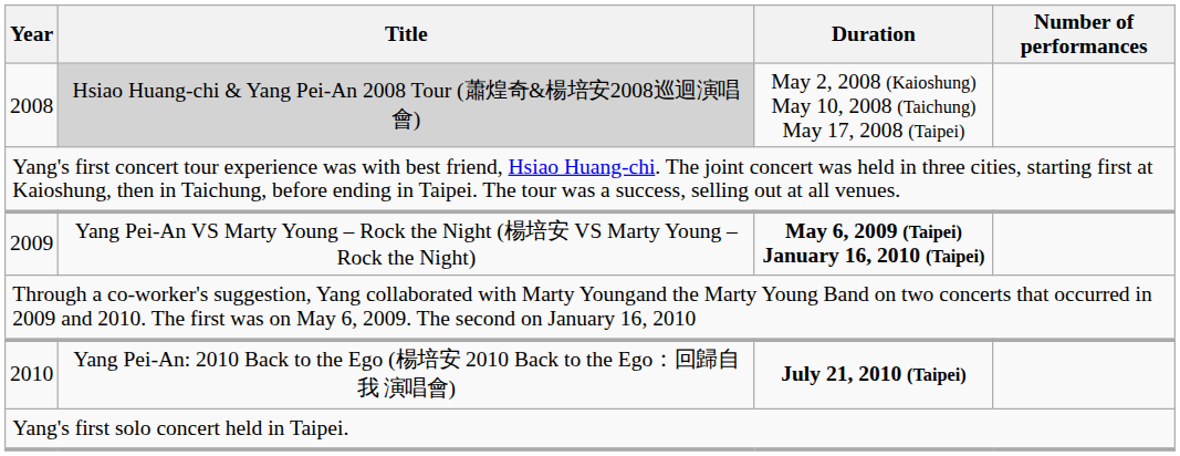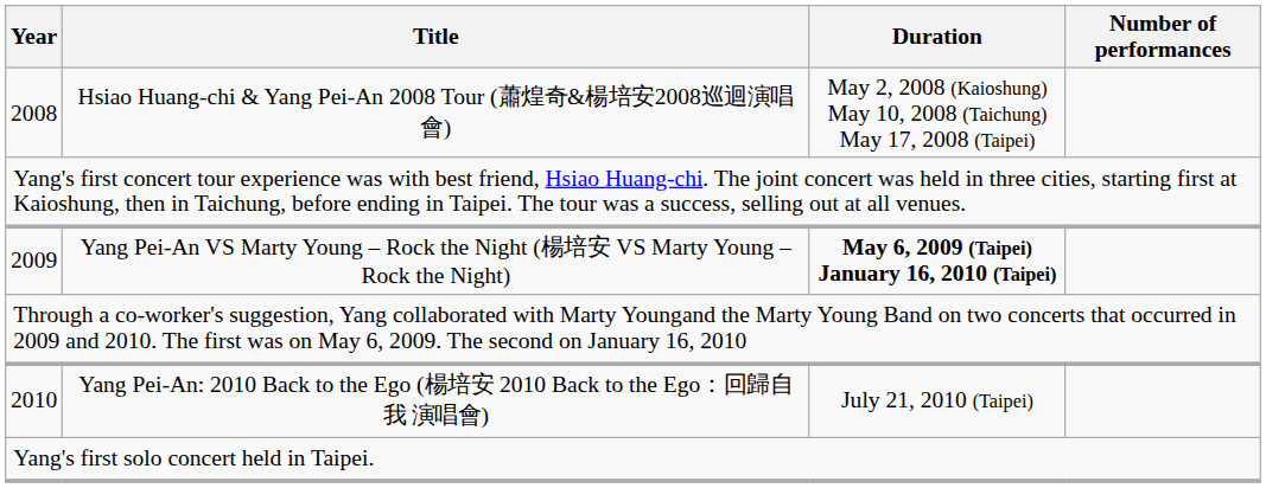 <table class="wikitable">
 <tr>
 <th>Year</th>
 <th>Title</th>
 <th>Duration</th>
 <th>Number of<br>performances</th>
 </tr>
 <tr>
 <td align="center" width=5>2008</td>
-<td align="center" style="background: lightgrey;">Hsiao Huang-chi & Yang Pei-An 2008 Tour (蕭煌奇&楊培安2008巡迴演唱會)</td>
+<td align="center">Hsiao Huang-chi & Yang Pei-An 2008 Tour (蕭煌奇&楊培安2008巡迴演唱會)</td>
 <td align="center">May 2, 2008 <small>(Kaioshung)</small><br> May 10, 2008 <small>(Taichung)</small><br> May 17, 2008 <small>(Taipei)</small></td>
 <td></td>
 </tr>
 <tr>
 <td colspan="4" style="border-bottom-width:3px; padding:5px;">Yang's first concert tour experience was with best friend, <a href='#'>Hsiao Huang-chi</a>. The joint concert was held in three cities, starting first at Kaioshung, then in Taichung, before ending in Taipei. The tour was a success, selling out at all venues.</td>
 </tr>
 <tr>
 <td align="center" width=5>2009</td>
 <td align="center">Yang Pei-An VS Marty Young – Rock the Night (楊培安 VS Marty Young – Rock the Night)</td>
 <td align="center"><strong>May 6, 2009 <small>(Taipei)</small><br>January 16, 2010 <small>(Taipei)</small></strong></td>
 <td></td>
 </tr>
 <tr>
 <td colspan="4" style="border-bottom-width:3px; padding:5px;">Through a co-worker's suggestion, Yang collaborated with Marty Youngand the Marty Young Band on two concerts that occurred in 2009 and 2010. The first was on May 6, 2009. The second on January 16, 2010</td>
 </tr>
 <tr>
 <td align="center" width=5>2010</td>
 <td align="center">Yang Pei-An: 2010 Back to the Ego (楊培安 2010 Back to the Ego：回歸自我 演唱會)</td>
-<td align="center"><strong>July 21, 2010 <small>(Taipei)</small></strong></td>
+<td align="center">July 21, 2010 <small>(Taipei)</small></td>
 <td></td>
 </tr>
 <tr>
 <td colspan="4" style="border-bottom-width:3px; padding:5px;">Yang's first solo concert held in Taipei.</td>
 </tr>
 </table>
